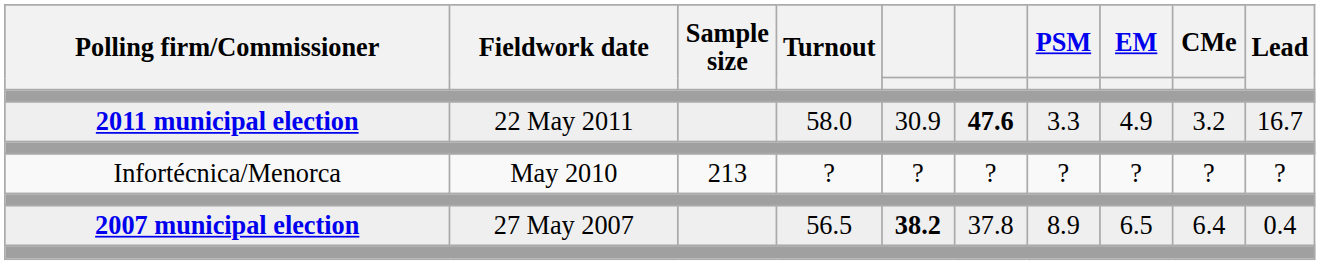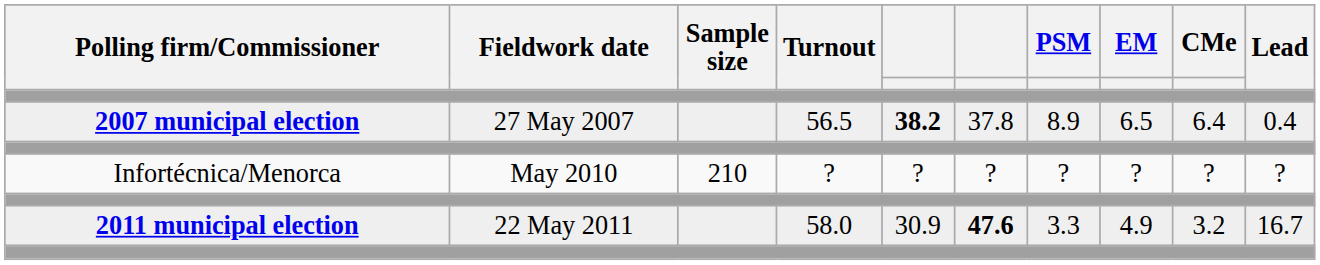 <table class="wikitable collapsible collapsed" style="text-align:center; font-size:95%; line-height:16px;">
 <tr style="height:42px;">
 <th style="width:250px;" rowspan="2">Polling firm/Commissioner</th>
 <th style="width:125px;" rowspan="2">Fieldwork date</th>
 <th style="width:50px;" rowspan="2">Sample size</th>
 <th style="width:45px;" rowspan="2">Turnout</th>
 <th style="width:35px;"></th>
 <th style="width:35px;"></th>
 <th style="width:35px;"><a href='#'>PSM</a></th>
 <th style="width:35px;"><a href='#'>EM</a></th>
 <th style="width:35px;">CMe</th>
 <th style="width:30px;" rowspan="2">Lead</th>
 </tr>
 <tr>
 <th style="color:inherit;background:"></th>
 <th style="color:inherit;background:"></th>
 <th style="color:inherit;background:"></th>
 <th style="color:inherit;background:"></th>
 <th style="color:inherit;background:"></th>
 </tr>
 <tr>
 <td colspan="10" style="background:#A0A0A0"></td>
 </tr>
 <tr style="background:#EFEFEF;">
+<td><strong><a href='#'>2007 municipal election</a></strong></td>
+<td>27 May 2007</td>
+<td></td>
+<td>56.5</td>
+<td><strong>38.2</strong><br></td>
+<td>37.8<br></td>
+<td>8.9<br></td>
+<td>6.5<br></td>
+<td>6.4<br></td>
+<td style="background:">0.4</td>
+</tr>
+<tr>
+<td colspan="10" style="background:#A0A0A0"></td>
+</tr>
+<tr>
+<td>Infortécnica/Menorca</td>
+<td>May 2010</td>
+<td>210</td>
+<td>?</td>
+<td>?<br></td>
+<td>?<br></td>
+<td>?<br></td>
+<td>?<br></td>
+<td>?<br></td>
+<td style="background:">?</td>
+</tr>
+<tr>
+<td colspan="10" style="background:#A0A0A0"></td>
+</tr>
+<tr style="background:#EFEFEF;">
 <td><strong><a href='#'>2011 municipal election</a></strong></td>
 <td>22 May 2011</td>
 <td></td>
 <td>58.0</td>
 <td>30.9<br></td>
 <td><strong>47.6</strong><br></td>
 <td>3.3<br></td>
 <td>4.9<br></td>
 <td>3.2<br></td>
 <td style="background:">16.7</td>
 </tr>
 <tr>
 <td colspan="10" style="background:#A0A0A0"></td>
 </tr>
-<tr>
-<td>Infortécnica/Menorca</td>
-<td>May 2010</td>
-<td>213</td>
-<td>?</td>
-<td>?<br></td>
-<td>?<br></td>
-<td>?<br></td>
-<td>?<br></td>
-<td>?<br></td>
-<td style="background:">?</td>
-</tr>
-<tr>
-<td colspan="10" style="background:#A0A0A0"></td>
-</tr>
-<tr style="background:#EFEFEF;">
-<td><strong><a href='#'>2007 municipal election</a></strong></td>
-<td>27 May 2007</td>
-<td></td>
-<td>56.5</td>
-<td><strong>38.2</strong><br></td>
-<td>37.8<br></td>
-<td>8.9<br></td>
-<td>6.5<br></td>
-<td>6.4<br></td>
-<td style="background:">0.4</td>
-</tr>
-<tr>
-<td colspan="10" style="background:#A0A0A0"></td>
-</tr>
 </table>
